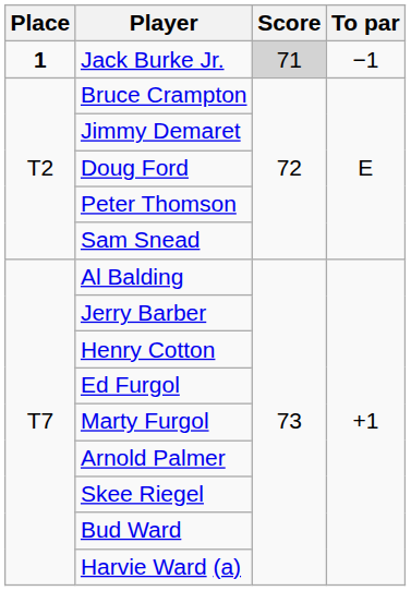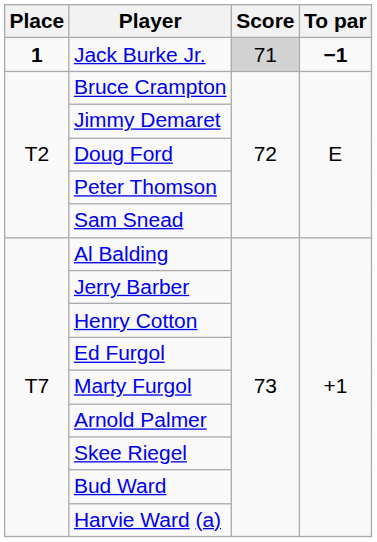 <table class="wikitable">
 <tr>
 <th>Place</th>
 <th>Player</th>
 <th>Score</th>
 <th>To par</th>
 </tr>
 <tr>
 <td align="center"><strong>1</strong></td>
 <td> <a href='#'>Jack Burke Jr.</a></td>
 <td align="center" style="background: lightgrey;">71</td>
-<td align="center">−1</td>
+<td align="center"><strong>−1</strong></td>
 </tr>
 <tr>
 <td rowspan="5" align="center">T2</td>
 <td> <a href='#'>Bruce Crampton</a></td>
 <td rowspan="5" align="center">72</td>
 <td rowspan="5" align="center">E</td>
 </tr>
 <tr>
 <td> <a href='#'>Jimmy Demaret</a></td>
 </tr>
 <tr>
 <td> <a href='#'>Doug Ford</a></td>
 </tr>
 <tr>
 <td> <a href='#'>Peter Thomson</a></td>
 </tr>
 <tr>
 <td> <a href='#'>Sam Snead</a></td>
 </tr>
 <tr>
 <td rowspan="9" align="center">T7</td>
 <td> <a href='#'>Al Balding</a></td>
 <td rowspan="9" align="center">73</td>
 <td rowspan="9" align="center">+1</td>
 </tr>
 <tr>
 <td> <a href='#'>Jerry Barber</a></td>
 </tr>
 <tr>
 <td> <a href='#'>Henry Cotton</a></td>
 </tr>
 <tr>
 <td> <a href='#'>Ed Furgol</a></td>
 </tr>
 <tr>
 <td> <a href='#'>Marty Furgol</a></td>
 </tr>
 <tr>
 <td> <a href='#'>Arnold Palmer</a></td>
 </tr>
 <tr>
 <td> <a href='#'>Skee Riegel</a></td>
 </tr>
 <tr>
 <td> <a href='#'>Bud Ward</a></td>
 </tr>
 <tr>
 <td> <a href='#'>Harvie Ward</a> <a href='#'>(a)</a></td>
 </tr>
 </table>
